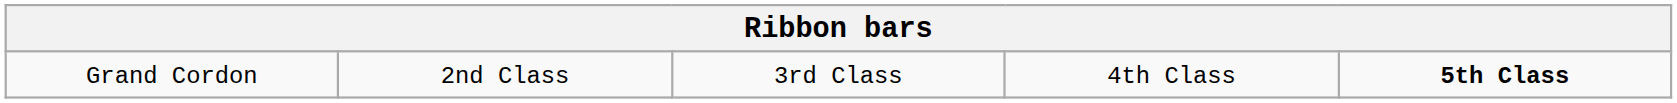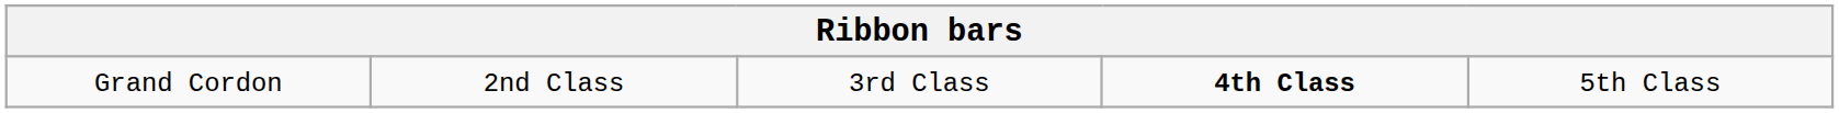 <table align=center class=wikitable width=60% style="margin-left: auto; margin-right: auto; border: none;">
 <tr>
 <th colspan=6><strong>Ribbon bars</strong></th>
 </tr>
 <tr>
 <td width=20% valign=top align=center><small>Grand Cordon</small></td>
 <td width=20% valign=top align=center><small>2nd Class</small></td>
 <td width=20% valign=top align=center><small>3rd Class</small></td>
-<td width=20% valign=top align=center><small>4th Class</small></td>
-<td width=20% valign=top align=center><strong><small>5th Class</small></strong></td>
+<td width=20% valign=top align=center><strong><small>4th Class</small></strong></td>
+<td width=20% valign=top align=center><small>5th Class</small></td>
 </tr>
 <tr>
 </tr>
 </table>
